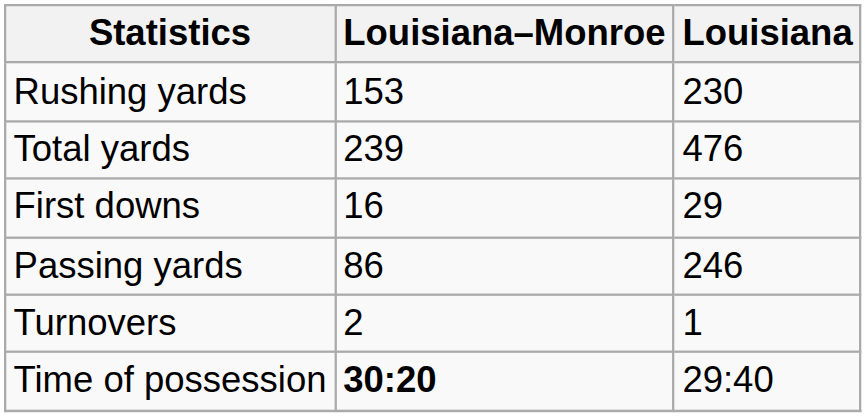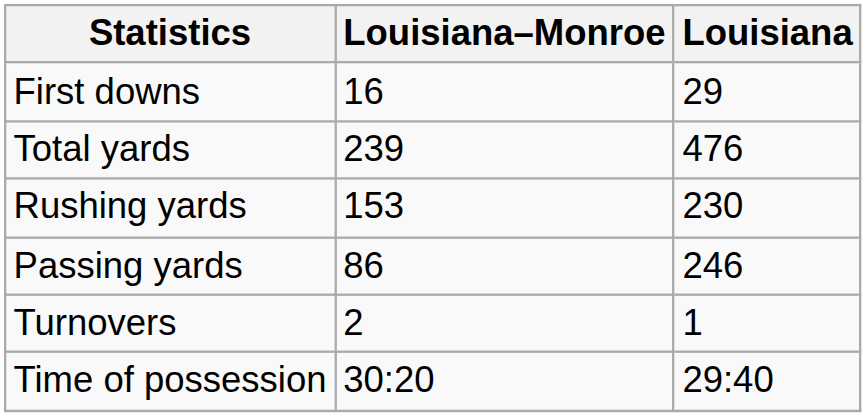 <table class="wikitable">
 <tr>
 <th>Statistics</th>
 <th>Louisiana–Monroe</th>
 <th>Louisiana</th>
 </tr>
 <tr>
-<td>Rushing yards</td>
-<td>153</td>
-<td>230</td>
+<td>First downs</td>
+<td>16</td>
+<td>29</td>
 </tr>
 <tr>
 <td>Total yards</td>
 <td>239</td>
 <td>476</td>
 </tr>
 <tr>
-<td>First downs</td>
-<td>16</td>
-<td>29</td>
+<td>Rushing yards</td>
+<td>153</td>
+<td>230</td>
 </tr>
 <tr>
 <td>Passing yards</td>
 <td>86</td>
 <td>246</td>
 </tr>
 <tr>
 <td>Turnovers</td>
 <td>2</td>
 <td>1</td>
 </tr>
 <tr>
 <td>Time of possession</td>
-<td><strong>30:20</strong></td>
+<td>30:20</td>
 <td>29:40</td>
 </tr>
 <tr>
 </tr>
 </table>
